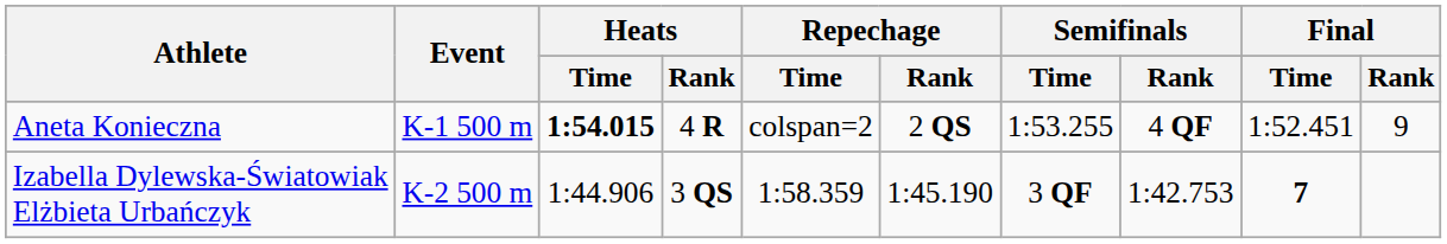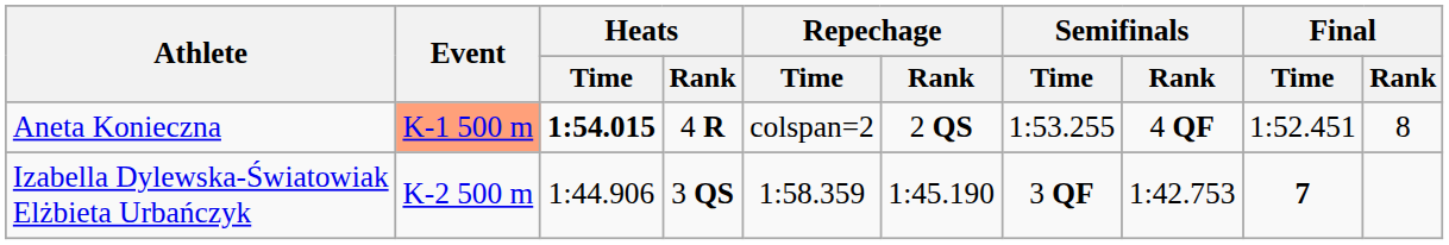 <table class=wikitable style="font-size:90%">
 <tr>
 <th rowspan="2">Athlete</th>
 <th rowspan="2">Event</th>
 <th colspan="2">Heats</th>
 <th colspan="2">Repechage</th>
 <th colspan="2">Semifinals</th>
 <th colspan="2">Final</th>
 </tr>
 <tr style="font-size:95%">
 <th>Time</th>
 <th>Rank</th>
 <th>Time</th>
 <th>Rank</th>
 <th>Time</th>
 <th>Rank</th>
 <th>Time</th>
 <th>Rank</th>
 </tr>
 <tr align=center>
 <td align=left><a href='#'>Aneta Konieczna</a></td>
-<td align=left><a href='#'>K-1 500 m</a></td>
+<td align=left style="background: lightsalmon;"><a href='#'>K-1 500 m</a></td>
 <td><strong>1:54.015</strong></td>
 <td>4 <strong>R</strong></td>
 <td>colspan=2 </td>
 <td>2 <strong>QS</strong></td>
 <td>1:53.255</td>
 <td>4 <strong>QF</strong></td>
 <td>1:52.451</td>
-<td>9</td>
+<td>8</td>
 </tr>
 <tr align=center>
 <td align=left><a href='#'>Izabella Dylewska-Światowiak</a><br><a href='#'>Elżbieta Urbańczyk</a></td>
 <td align=left><a href='#'>K-2 500 m</a></td>
 <td>1:44.906</td>
 <td>3 <strong>QS</strong></td>
 <td>1:58.359</td>
 <td>1:45.190</td>
 <td>3 <strong>QF</strong></td>
 <td>1:42.753</td>
 <td><strong>7</strong></td>
 </tr>
 </table>
